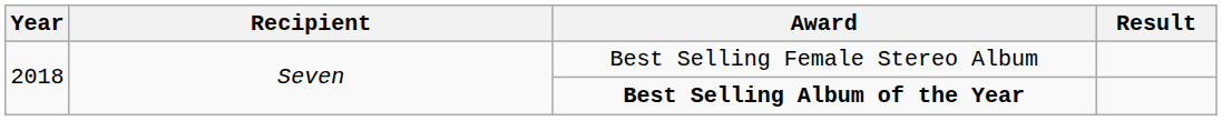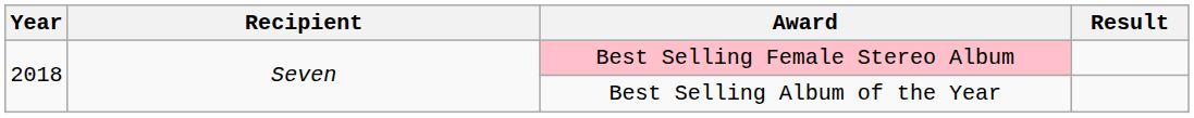 <table class="wikitable" style="width:80%;">
 <tr>
 <th width="5%">Year</th>
 <th style="width:40%;">Recipient</th>
 <th style="width:45%;">Award</th>
 <th style="width:10%;">Result</th>
 </tr>
 <tr>
 <td rowspan="2" style="text-align:center;">2018</td>
 <td rowspan="2" style="text-align:center;"><em>Seven</em></td>
-<td style="text-align:center;">Best Selling Female Stereo Album</td>
+<td style="background: pink; text-align:center;">Best Selling Female Stereo Album</td>
 <td></td>
 </tr>
 <tr>
-<td style="text-align:center;"><strong>Best Selling Album of the Year</strong></td>
+<td style="text-align:center;">Best Selling Album of the Year</td>
 <td></td>
 </tr>
 </table>
